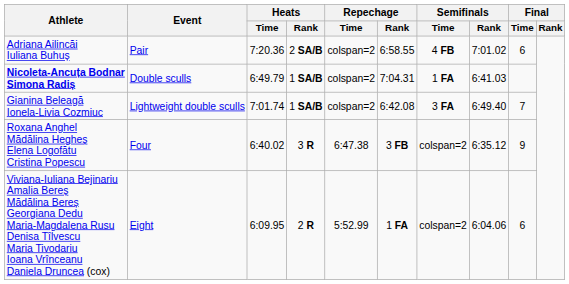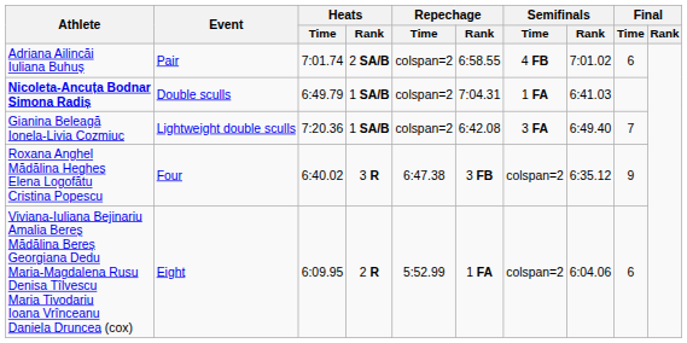 <table class="wikitable" style="font-size:90%">
 <tr>
 <th rowspan="2">Athlete</th>
 <th rowspan="2">Event</th>
 <th colspan="2">Heats</th>
 <th colspan="2">Repechage</th>
 <th colspan="2">Semifinals</th>
 <th colspan="2">Final</th>
 </tr>
 <tr style="font-size:95%">
 <th>Time</th>
 <th>Rank</th>
 <th>Time</th>
 <th>Rank</th>
 <th>Time</th>
 <th>Rank</th>
 <th>Time</th>
 <th>Rank</th>
 </tr>
 <tr align=center>
 <td align=left><a href='#'>Adriana Ailincăi</a><br><a href='#'>Iuliana Buhuș</a></td>
 <td align=left><a href='#'>Pair</a></td>
-<td>7:20.36</td>
+<td>7:01.74</td>
 <td>2 <strong>SA/B</strong></td>
 <td>colspan=2 </td>
 <td>6:58.55</td>
 <td>4 <strong>FB</strong></td>
 <td>7:01.02</td>
 <td>6</td>
 </tr>
 <tr align=center>
 <td align=left><strong><a href='#'>Nicoleta-Ancuța Bodnar</a><br><a href='#'>Simona Radiș</a></strong></td>
 <td align=left><a href='#'>Double sculls</a></td>
 <td>6:49.79</td>
 <td>1 <strong>SA/B</strong></td>
 <td>colspan=2 </td>
 <td>7:04.31</td>
 <td>1 <strong>FA</strong></td>
 <td>6:41.03</td>
 <td></td>
 </tr>
 <tr align=center>
 <td align=left><a href='#'>Gianina Beleagă</a><br><a href='#'>Ionela-Livia Cozmiuc</a></td>
 <td align=left><a href='#'>Lightweight double sculls</a></td>
-<td>7:01.74</td>
+<td>7:20.36</td>
 <td>1 <strong>SA/B</strong></td>
 <td>colspan=2 </td>
 <td>6:42.08</td>
 <td>3 <strong>FA</strong></td>
 <td>6:49.40</td>
 <td>7</td>
 </tr>
 <tr align=center>
 <td align=left><a href='#'>Roxana Anghel</a><br><a href='#'>Mădălina Hegheș</a><br><a href='#'>Elena Logofătu</a><br><a href='#'>Cristina Popescu</a></td>
 <td align=left><a href='#'>Four</a></td>
 <td>6:40.02</td>
 <td>3 <strong>R</strong></td>
 <td>6:47.38</td>
 <td>3 <strong>FB</strong></td>
 <td>colspan=2 </td>
 <td>6:35.12</td>
 <td>9</td>
 </tr>
 <tr align=center>
 <td align=left><a href='#'>Viviana-Iuliana Bejinariu</a><br><a href='#'>Amalia Bereș</a><br><a href='#'>Mădălina Bereș</a><br><a href='#'>Georgiana Dedu</a><br><a href='#'>Maria-Magdalena Rusu</a><br><a href='#'>Denisa Tîlvescu</a><br><a href='#'>Maria Tivodariu</a><br><a href='#'>Ioana Vrînceanu</a><br><a href='#'>Daniela Druncea</a> (cox)</td>
 <td align=left><a href='#'>Eight</a></td>
 <td>6:09.95</td>
 <td>2 <strong>R</strong></td>
 <td>5:52.99</td>
 <td>1 <strong>FA</strong></td>
 <td>colspan=2 </td>
 <td>6:04.06</td>
 <td>6</td>
 </tr>
 </table>
